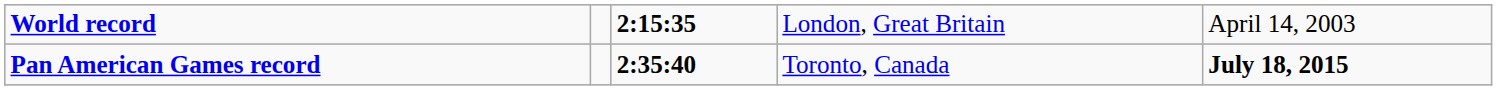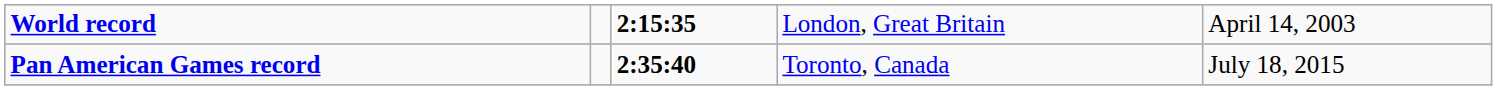 <table class="wikitable" width=75%>
 <tr>
 <td><strong><a href='#'>World record</a></strong></td>
 <td></td>
 <td><strong>2:15:35</strong></td>
 <td><a href='#'>London</a>, <a href='#'>Great Britain</a></td>
 <td>April 14, 2003</td>
 </tr>
 <tr>
 <td><strong><a href='#'>Pan American Games record</a></strong></td>
 <td></td>
 <td><strong>2:35:40</strong></td>
 <td><a href='#'>Toronto</a>, <a href='#'>Canada</a></td>
-<td><strong>July 18, 2015</strong></td>
+<td>July 18, 2015</td>
 </tr>
 </table>
